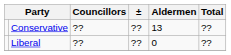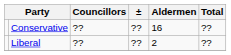 <table class="wikitable">
 <tr>
 <th colspan="2">Party</th>
 <th>Councillors</th>
 <th>  ±  </th>
 <th>Aldermen</th>
 <th>Total</th>
 </tr>
 <tr>
 <td style="background-color: "></td>
 <td><a href='#'>Conservative</a></td>
 <td>??</td>
 <td>??</td>
-<td>13</td>
+<td>16</td>
 <td>??</td>
 </tr>
 <tr>
 <td style="background-color: "></td>
 <td><a href='#'>Liberal</a></td>
 <td>??</td>
 <td>??</td>
-<td>0</td>
+<td>2</td>
 <td>??</td>
 </tr>
 <tr>
 </tr>
 </table>
